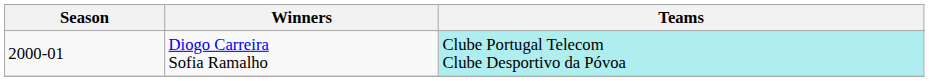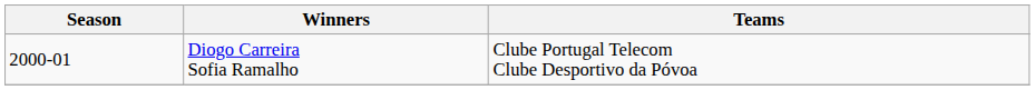 <table class="wikitable sortable" width=70%>
 <tr bgcolor=>
 <th>Season</th>
 <th>Winners</th>
 <th>Teams</th>
 </tr>
 <tr>
 </tr>
 <tr>
 <td align="left">2000-01</td>
 <td align="left"> <a href='#'>Diogo Carreira</a><br> Sofia Ramalho</td>
-<td align="left" style="background: paleturquoise;">Clube Portugal Telecom<br>Clube Desportivo da Póvoa</td>
+<td align="left">Clube Portugal Telecom<br>Clube Desportivo da Póvoa</td>
 </tr>
 <tr>
 </tr>
 </table>
